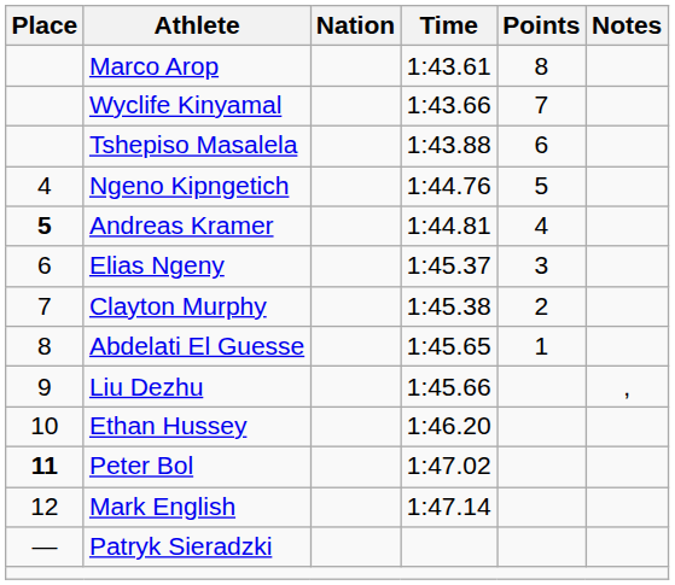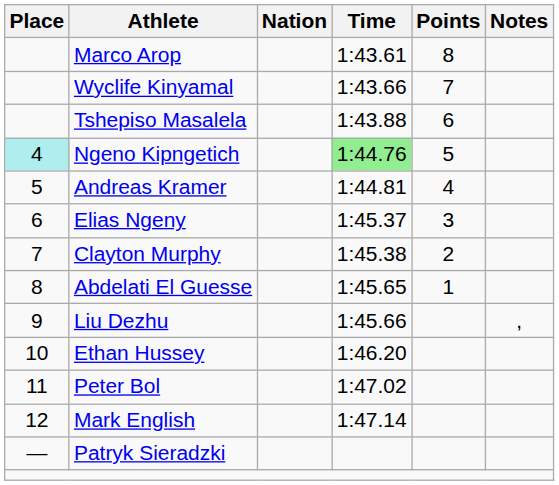 <table class="wikitable mw-datatable sortable" style="text-align:center;">
 <tr>
 <th scope="col">Place</th>
 <th scope="col">Athlete</th>
 <th scope="col">Nation</th>
 <th scope="col">Time</th>
 <th scope="col">Points</th>
 <th scope="col">Notes</th>
 </tr>
 <tr>
 <td></td>
 <td align="left"><a href='#'>Marco Arop</a></td>
 <td align="left"></td>
 <td>1:43.61</td>
 <td>8</td>
 <td></td>
 </tr>
 <tr>
 <td></td>
 <td align="left"><a href='#'>Wyclife Kinyamal</a></td>
 <td align="left"></td>
 <td>1:43.66</td>
 <td>7</td>
 <td></td>
 </tr>
 <tr>
 <td></td>
 <td align="left"><a href='#'>Tshepiso Masalela</a></td>
 <td align="left"></td>
 <td>1:43.88</td>
 <td>6</td>
 <td></td>
 </tr>
 <tr>
-<td>4</td>
+<td style="background: paleturquoise;">4</td>
 <td align="left"><a href='#'>Ngeno Kipngetich</a></td>
 <td align="left"></td>
-<td>1:44.76</td>
+<td style="background: lightgreen;">1:44.76</td>
 <td>5</td>
 <td></td>
 </tr>
 <tr>
-<td><strong>5</strong></td>
+<td>5</td>
 <td align="left"><a href='#'>Andreas Kramer</a></td>
 <td align="left"></td>
 <td>1:44.81</td>
 <td>4</td>
 <td></td>
 </tr>
 <tr>
 <td>6</td>
 <td align="left"><a href='#'>Elias Ngeny</a></td>
 <td align="left"></td>
 <td>1:45.37</td>
 <td>3</td>
 <td></td>
 </tr>
 <tr>
 <td>7</td>
 <td align="left"><a href='#'>Clayton Murphy</a></td>
 <td align="left"></td>
 <td>1:45.38</td>
 <td>2</td>
 <td></td>
 </tr>
 <tr>
 <td>8</td>
 <td align="left"><a href='#'>Abdelati El Guesse</a></td>
 <td align="left"></td>
 <td>1:45.65</td>
 <td>1</td>
 <td></td>
 </tr>
 <tr>
 <td>9</td>
 <td align="left"><a href='#'>Liu Dezhu</a></td>
 <td align="left"></td>
 <td>1:45.66</td>
 <td></td>
 <td>, </td>
 </tr>
 <tr>
 <td>10</td>
 <td align="left"><a href='#'>Ethan Hussey</a></td>
 <td align="left"></td>
 <td>1:46.20</td>
 <td></td>
 <td></td>
 </tr>
 <tr>
-<td><strong>11</strong></td>
+<td>11</td>
 <td align="left"><a href='#'>Peter Bol</a></td>
 <td align="left"></td>
 <td>1:47.02</td>
 <td></td>
 <td></td>
 </tr>
 <tr>
 <td>12</td>
 <td align="left"><a href='#'>Mark English</a></td>
 <td align="left"></td>
 <td>1:47.14</td>
 <td></td>
 <td></td>
 </tr>
 <tr>
 <td>—</td>
 <td align="left"><a href='#'>Patryk Sieradzki</a></td>
 <td align="left"></td>
 <td></td>
 <td></td>
 <td></td>
 </tr>
 <tr class="sortbottom">
 <td colspan="6"></td>
 </tr>
 </table>
